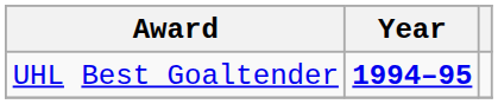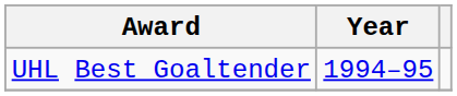 <table class="wikitable">
 <tr>
 <th>Award</th>
 <th>Year</th>
 <th></th>
 </tr>
 <tr>
 <td><a href='#'>UHL</a> <a href='#'>Best Goaltender</a></td>
-<td><strong><a href='#'>1994–95</a></strong></td>
+<td><a href='#'>1994–95</a></td>
 <td></td>
 </tr>
 <tr>
 </tr>
 </table>
